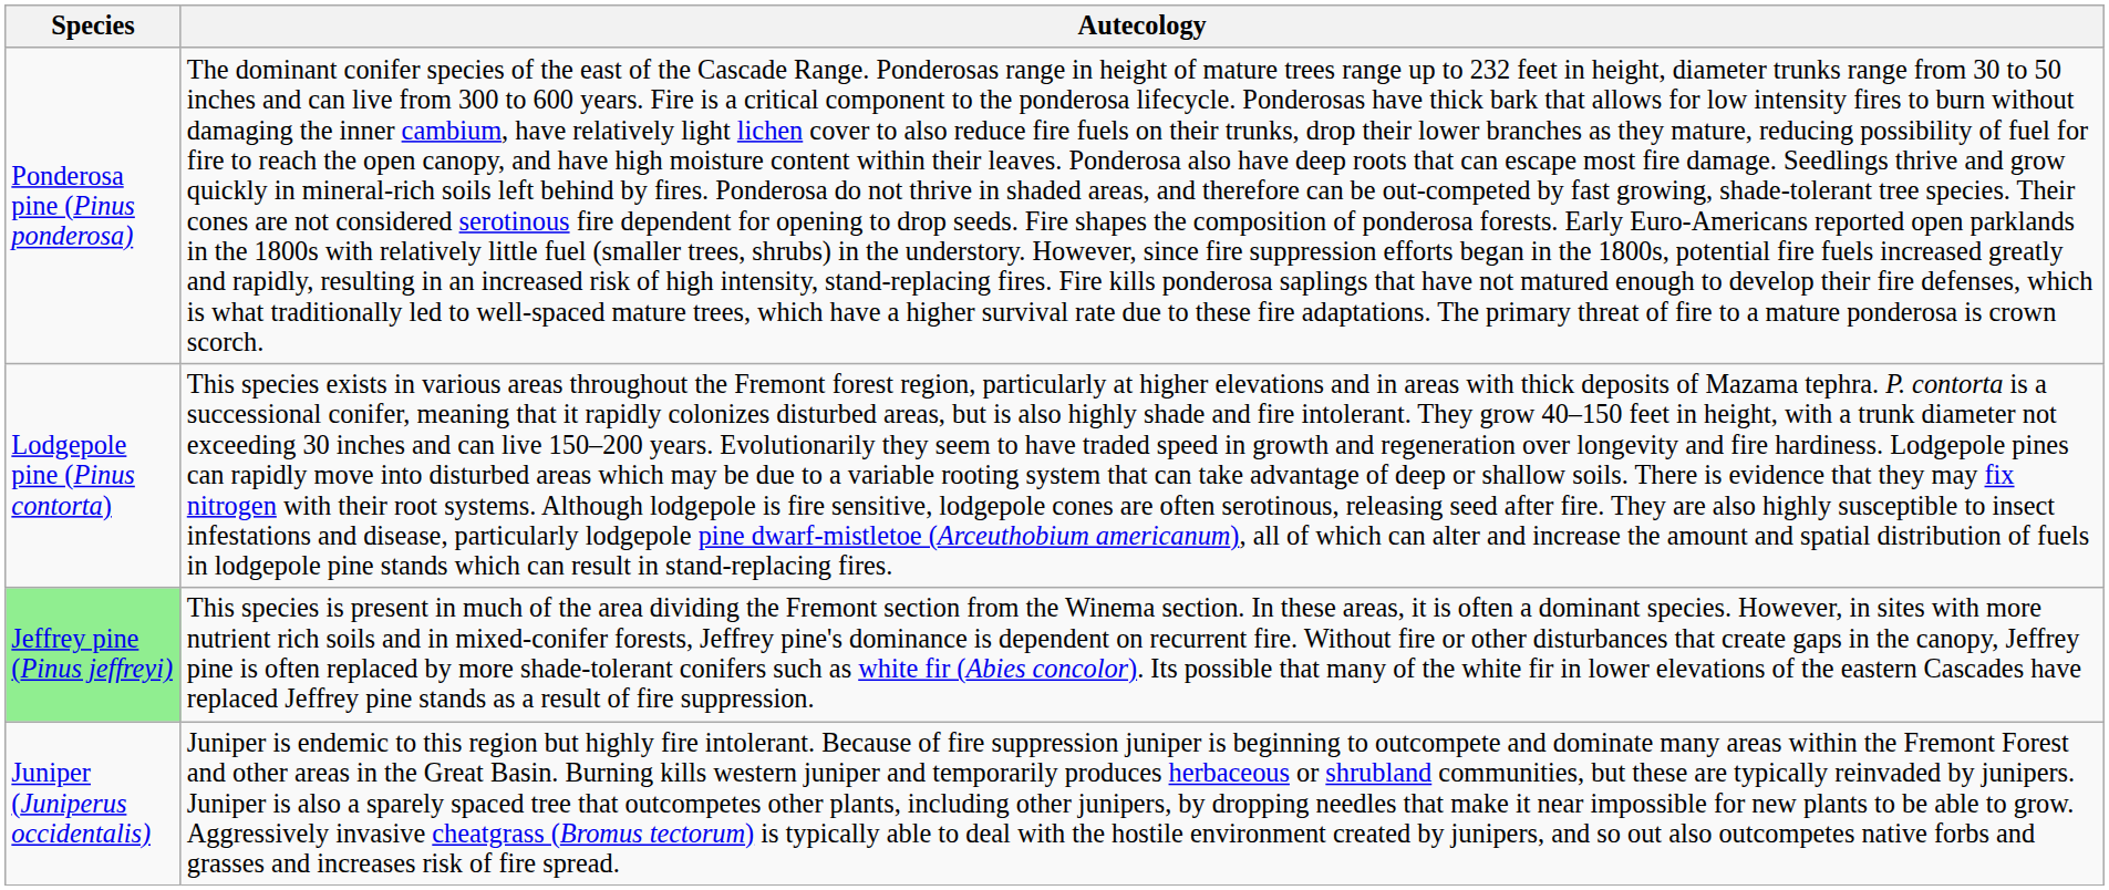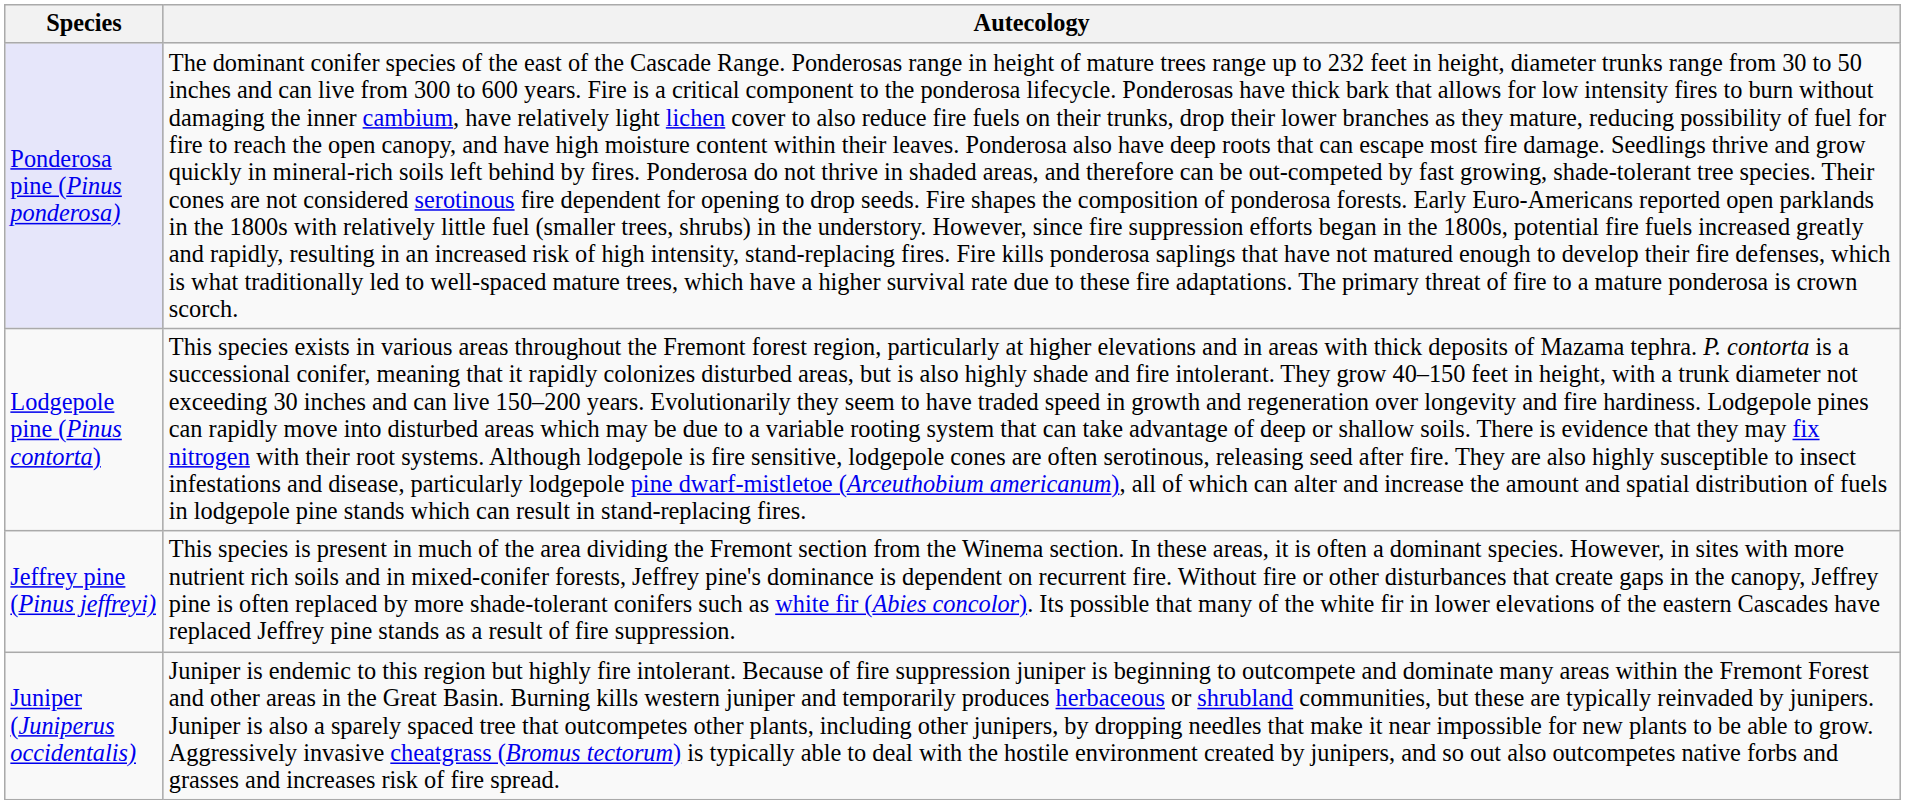 <table class="wikitable">
 <tr>
 <th>Species</th>
 <th>Autecology</th>
 </tr>
 <tr>
-<td><a href='#'>Ponderosa pine (<em>Pinus ponderosa)</em></a></td>
+<td style="background: lavender;"><a href='#'>Ponderosa pine (<em>Pinus ponderosa)</em></a></td>
 <td>The dominant conifer species of the east of the Cascade Range. Ponderosas range in height of mature trees range up to 232 feet in height, diameter trunks range from 30 to 50 inches and can live from 300 to 600 years. Fire is a critical component to the ponderosa lifecycle. Ponderosas have thick bark that allows for low intensity fires to burn without damaging the inner <a href='#'>cambium</a>, have relatively light <a href='#'>lichen</a> cover to also reduce fire fuels on their trunks, drop their lower branches as they mature, reducing possibility of fuel for fire to reach the open canopy, and have high moisture content within their leaves. Ponderosa also have deep roots that can escape most fire damage. Seedlings thrive and grow quickly in mineral-rich soils left behind by fires. Ponderosa do not thrive in shaded areas, and therefore can be out-competed by fast growing, shade-tolerant tree species. Their cones are not considered <a href='#'>serotinous</a> fire dependent for opening to drop seeds. Fire shapes the composition of ponderosa forests. Early Euro-Americans reported open parklands in the 1800s with relatively little fuel (smaller trees, shrubs) in the understory. However, since fire suppression efforts began in the 1800s, potential fire fuels increased greatly and rapidly, resulting in an increased risk of high intensity, stand-replacing fires. Fire kills ponderosa saplings that have not matured enough to develop their fire defenses, which is what traditionally led to well-spaced mature trees, which have a higher survival rate due to these fire adaptations.  The primary threat of fire to a mature ponderosa is crown scorch.</td>
 </tr>
 <tr>
 <td><a href='#'>Lodgepole pine (<em>Pinus contorta</em>)</a></td>
 <td>This species exists in various areas throughout the Fremont forest region, particularly at higher elevations and in areas with thick deposits of Mazama tephra. <em>P. contorta</em> is a successional conifer, meaning that it rapidly colonizes disturbed areas, but is also highly shade and fire intolerant. They grow 40–150 feet in height, with a trunk diameter not exceeding 30 inches and can live 150–200 years. Evolutionarily they seem to have traded speed in growth and regeneration over longevity and fire hardiness. Lodgepole pines can rapidly move into disturbed areas which may be due to a variable rooting system that can take advantage of deep or shallow soils. There is evidence that they may <a href='#'>fix nitrogen</a> with their root systems. Although lodgepole is fire sensitive, lodgepole cones are often serotinous, releasing seed after fire. They are also highly susceptible to insect infestations and disease, particularly lodgepole <a href='#'>pine dwarf-mistletoe (<em>Arceuthobium americanum</em>)</a>, all of which can alter and increase the amount and spatial distribution of fuels in lodgepole pine stands which can result in stand-replacing fires.</td>
 </tr>
 <tr>
-<td style="background: lightgreen;"><a href='#'>Jeffrey pine (<em>Pinus jeffreyi)</em></a></td>
+<td><a href='#'>Jeffrey pine (<em>Pinus jeffreyi)</em></a></td>
 <td>This species is present in much of the area dividing the Fremont section from the Winema section. In these areas, it is often a dominant species. However, in sites with more nutrient rich soils and in mixed-conifer forests, Jeffrey pine's dominance is dependent on recurrent fire. Without fire or other disturbances that create gaps in the canopy, Jeffrey pine is often replaced by more shade-tolerant conifers such as <a href='#'>white fir (<em>Abies concolor</em>)</a>. Its possible that many of the white fir in lower elevations of the eastern Cascades have replaced Jeffrey pine stands as a result of fire suppression.</td>
 </tr>
 <tr>
 <td><a href='#'>Juniper (<em>Juniperus occidentalis)</em></a></td>
 <td>Juniper is endemic to this region but highly fire intolerant. Because of fire suppression juniper is beginning to outcompete and dominate many areas within the Fremont Forest and other areas in the Great Basin. Burning kills western juniper and temporarily produces <a href='#'>herbaceous</a> or <a href='#'>shrubland</a> communities, but these are typically reinvaded by junipers. Juniper is also a sparely spaced tree that outcompetes other plants, including other junipers, by dropping needles that make it near impossible for new plants to be able to grow. Aggressively invasive <a href='#'>cheatgrass (<em>Bromus tectorum</em>)</a> is typically able to deal with the hostile environment created by junipers, and so out also outcompetes native forbs and grasses and increases risk of fire spread.</td>
 </tr>
 </table>
